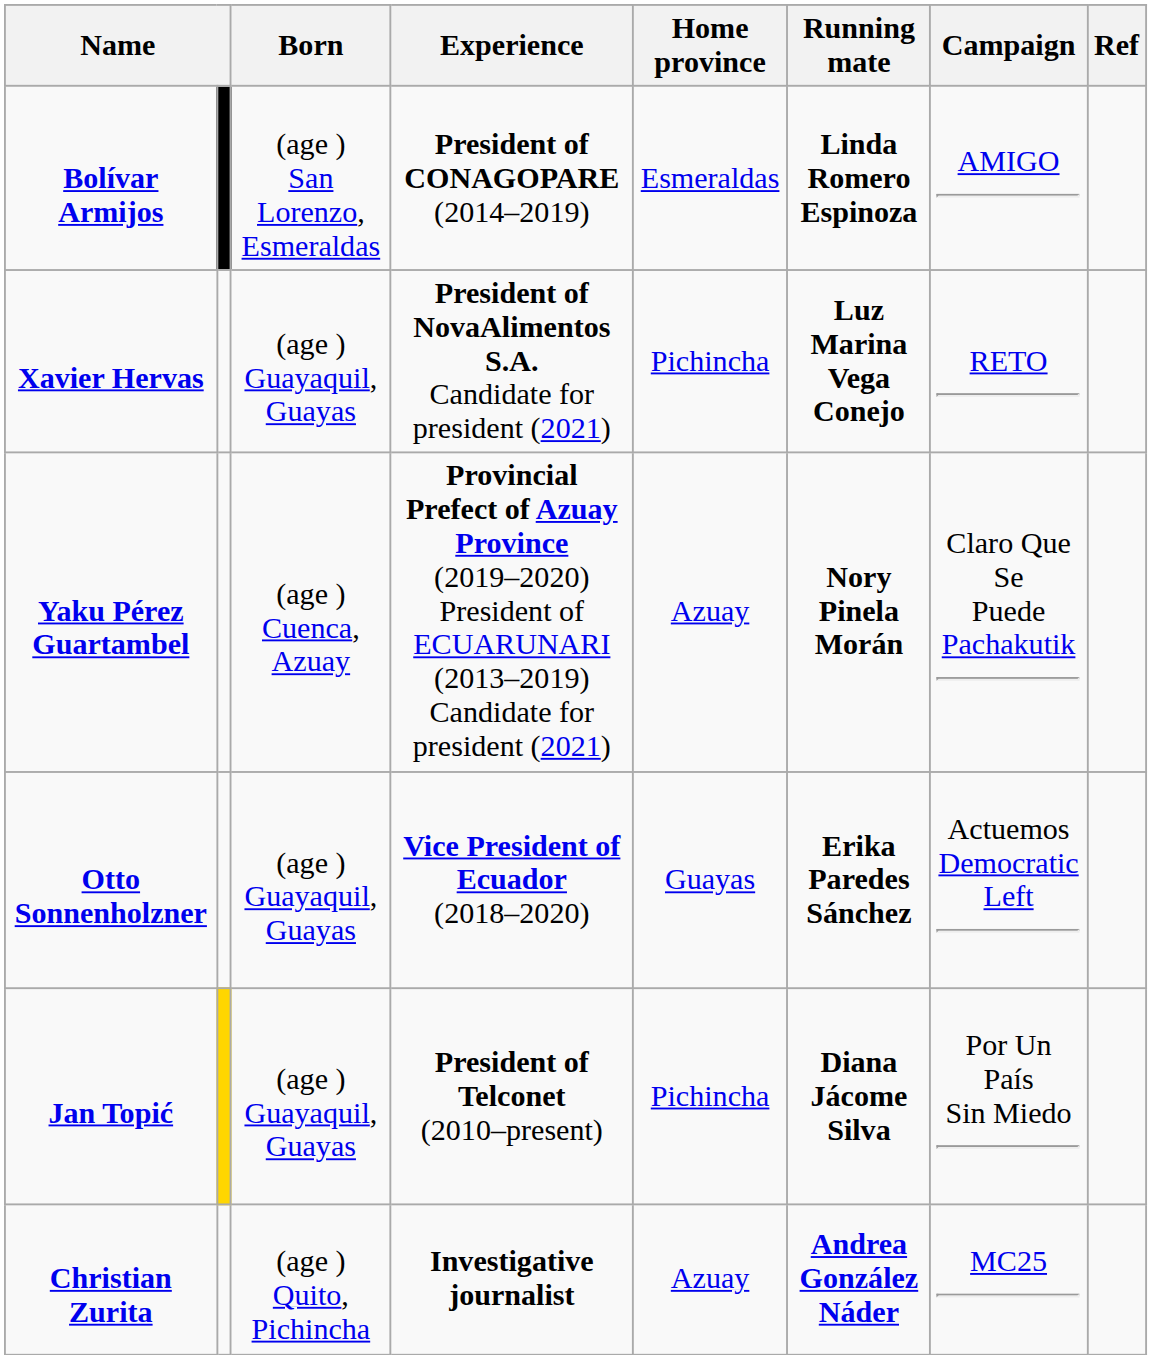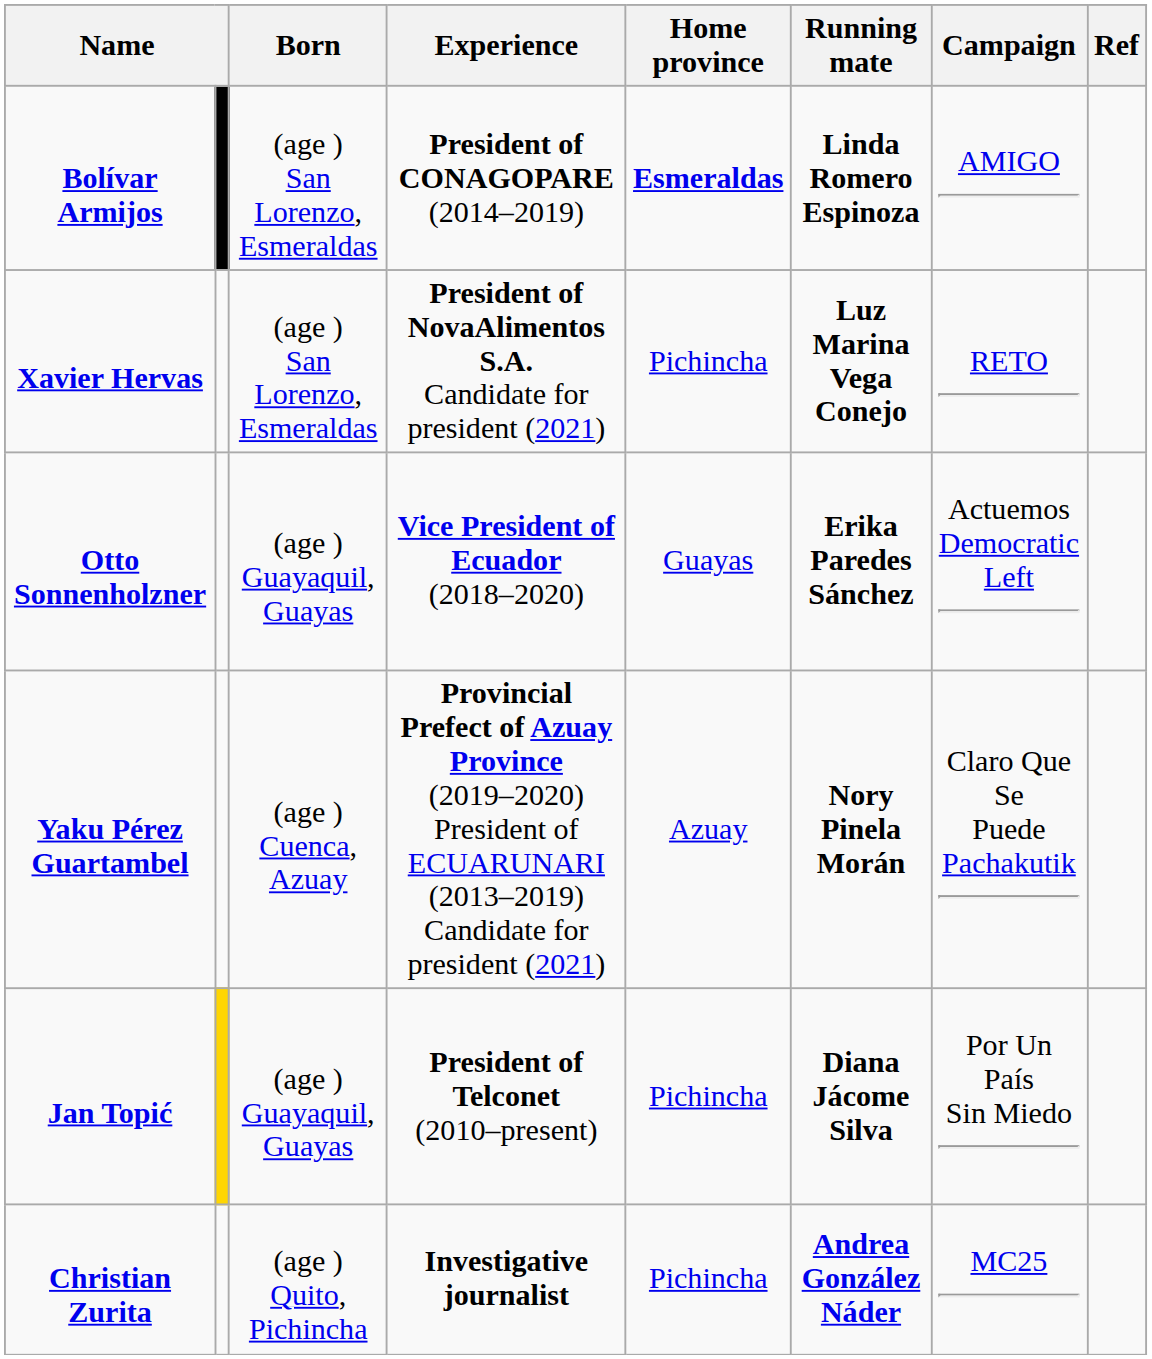 <table class="wikitable sortable" style="text-align:center;">
 <tr>
 <th scope="col" colspan=2>Name</th>
 <th>Born</th>
 <th class="unsortable">Experience</th>
 <th>Home province</th>
 <th>Running mate</th>
 <th>Campaign</th>
 <th>Ref</th>
 </tr>
 <tr>
 <td data-sort-value="Armijos Velasco, Bolivar"><br><strong><a href='#'>Bolívar Armijos</a></strong></td>
 <td style="background:black;"></td>
 <td><br>(age )<br><a href='#'>San Lorenzo</a>, <a href='#'>Esmeraldas</a></td>
 <td><strong>President of CONAGOPARE</strong><br>(2014–2019)</td>
-<td><a href='#'>Esmeraldas</a></td>
+<td><strong><a href='#'>Esmeraldas</a></strong></td>
 <td><strong>Linda Romero Espinoza</strong></td>
 <td><br><a href='#'>AMIGO</a><hr><br></td>
 <td></td>
 </tr>
 <tr>
 <td data-sort-value="Hervas, Xavier"><br><strong><a href='#'>Xavier Hervas</a></strong></td>
 <td style="background:"></td>
-<td><br>(age )<br><a href='#'>Guayaquil</a>, <a href='#'>Guayas</a></td>
+<td><br>(age )<br><a href='#'>San Lorenzo</a>, <a href='#'>Esmeraldas</a></td>
 <td><strong>President of NovaAlimentos S.A.</strong><br>Candidate for president (<a href='#'>2021</a>)</td>
 <td><a href='#'>Pichincha</a></td>
 <td><strong>Luz Marina Vega Conejo</strong></td>
 <td><br><br><a href='#'>RETO</a><hr><br></td>
+<td></td>
+</tr>
+<tr>
+<td data-sort-value="Sonnenholzner, Otto"><br><strong><a href='#'>Otto Sonnenholzner</a></strong></td>
+<td style="background:"></td>
+<td><br>(age )<br><a href='#'>Guayaquil</a>, <a href='#'>Guayas</a></td>
+<td><strong><a href='#'>Vice President of Ecuador</a></strong><br>(2018–2020)</td>
+<td><a href='#'>Guayas</a></td>
+<td><strong>Erika Paredes Sánchez</strong></td>
+<td><br> Actuemos<br> <a href='#'>Democratic Left</a><hr><br></td>
 <td></td>
 </tr>
 <tr>
 <td data-sort-value="Perez Guartambel, Yaku"><br><strong><a href='#'>Yaku Pérez Guartambel</a></strong></td>
 <td style="background:"></td>
 <td><br>(age )<br><a href='#'>Cuenca</a>, <a href='#'>Azuay</a></td>
 <td><strong>Provincial Prefect of <a href='#'>Azuay Province</a></strong><br>(2019–2020)<br>President of <a href='#'>ECUARUNARI</a><br>(2013–2019)<br>Candidate for president (<a href='#'>2021</a>)</td>
 <td><a href='#'>Azuay</a></td>
 <td><strong>Nory Pinela Morán</strong></td>
 <td><br> Claro Que Se<br>Puede<br> <a href='#'>Pachakutik</a><hr><br></td>
-<td></td>
-</tr>
-<tr>
-<td data-sort-value="Sonnenholzner, Otto"><br><strong><a href='#'>Otto Sonnenholzner</a></strong></td>
-<td style="background:"></td>
-<td><br>(age )<br><a href='#'>Guayaquil</a>, <a href='#'>Guayas</a></td>
-<td><strong><a href='#'>Vice President of Ecuador</a></strong><br>(2018–2020)</td>
-<td><a href='#'>Guayas</a></td>
-<td><strong>Erika Paredes Sánchez</strong></td>
-<td><br> Actuemos<br> <a href='#'>Democratic Left</a><hr><br></td>
 <td></td>
 </tr>
 <tr>
 <td data-sort-value="Topic, Jan"><br><strong><a href='#'>Jan Topić</a></strong></td>
 <td style="background:#FFD600;"></td>
 <td><br>(age )<br><a href='#'>Guayaquil</a>, <a href='#'>Guayas</a></td>
 <td><strong>President of Telconet</strong><br>(2010–present)</td>
 <td><a href='#'>Pichincha</a></td>
 <td><strong>Diana Jácome Silva</strong></td>
 <td><br> Por Un País<br>Sin Miedo<hr><br></td>
 <td></td>
 </tr>
 <tr>
 <td data-sort-value="Zurita, Christian"><br><strong><a href='#'>Christian Zurita</a></strong></td>
 <td style="background:"></td>
 <td><br>(age )<br><a href='#'>Quito</a>, <a href='#'>Pichincha</a></td>
 <td><strong>Investigative journalist</strong></td>
-<td><a href='#'>Azuay</a></td>
+<td><a href='#'>Pichincha</a></td>
 <td><strong><a href='#'>Andrea González Náder</a></strong></td>
 <td><br> <a href='#'>MC25</a><hr><br></td>
 <td></td>
 </tr>
 </table>
